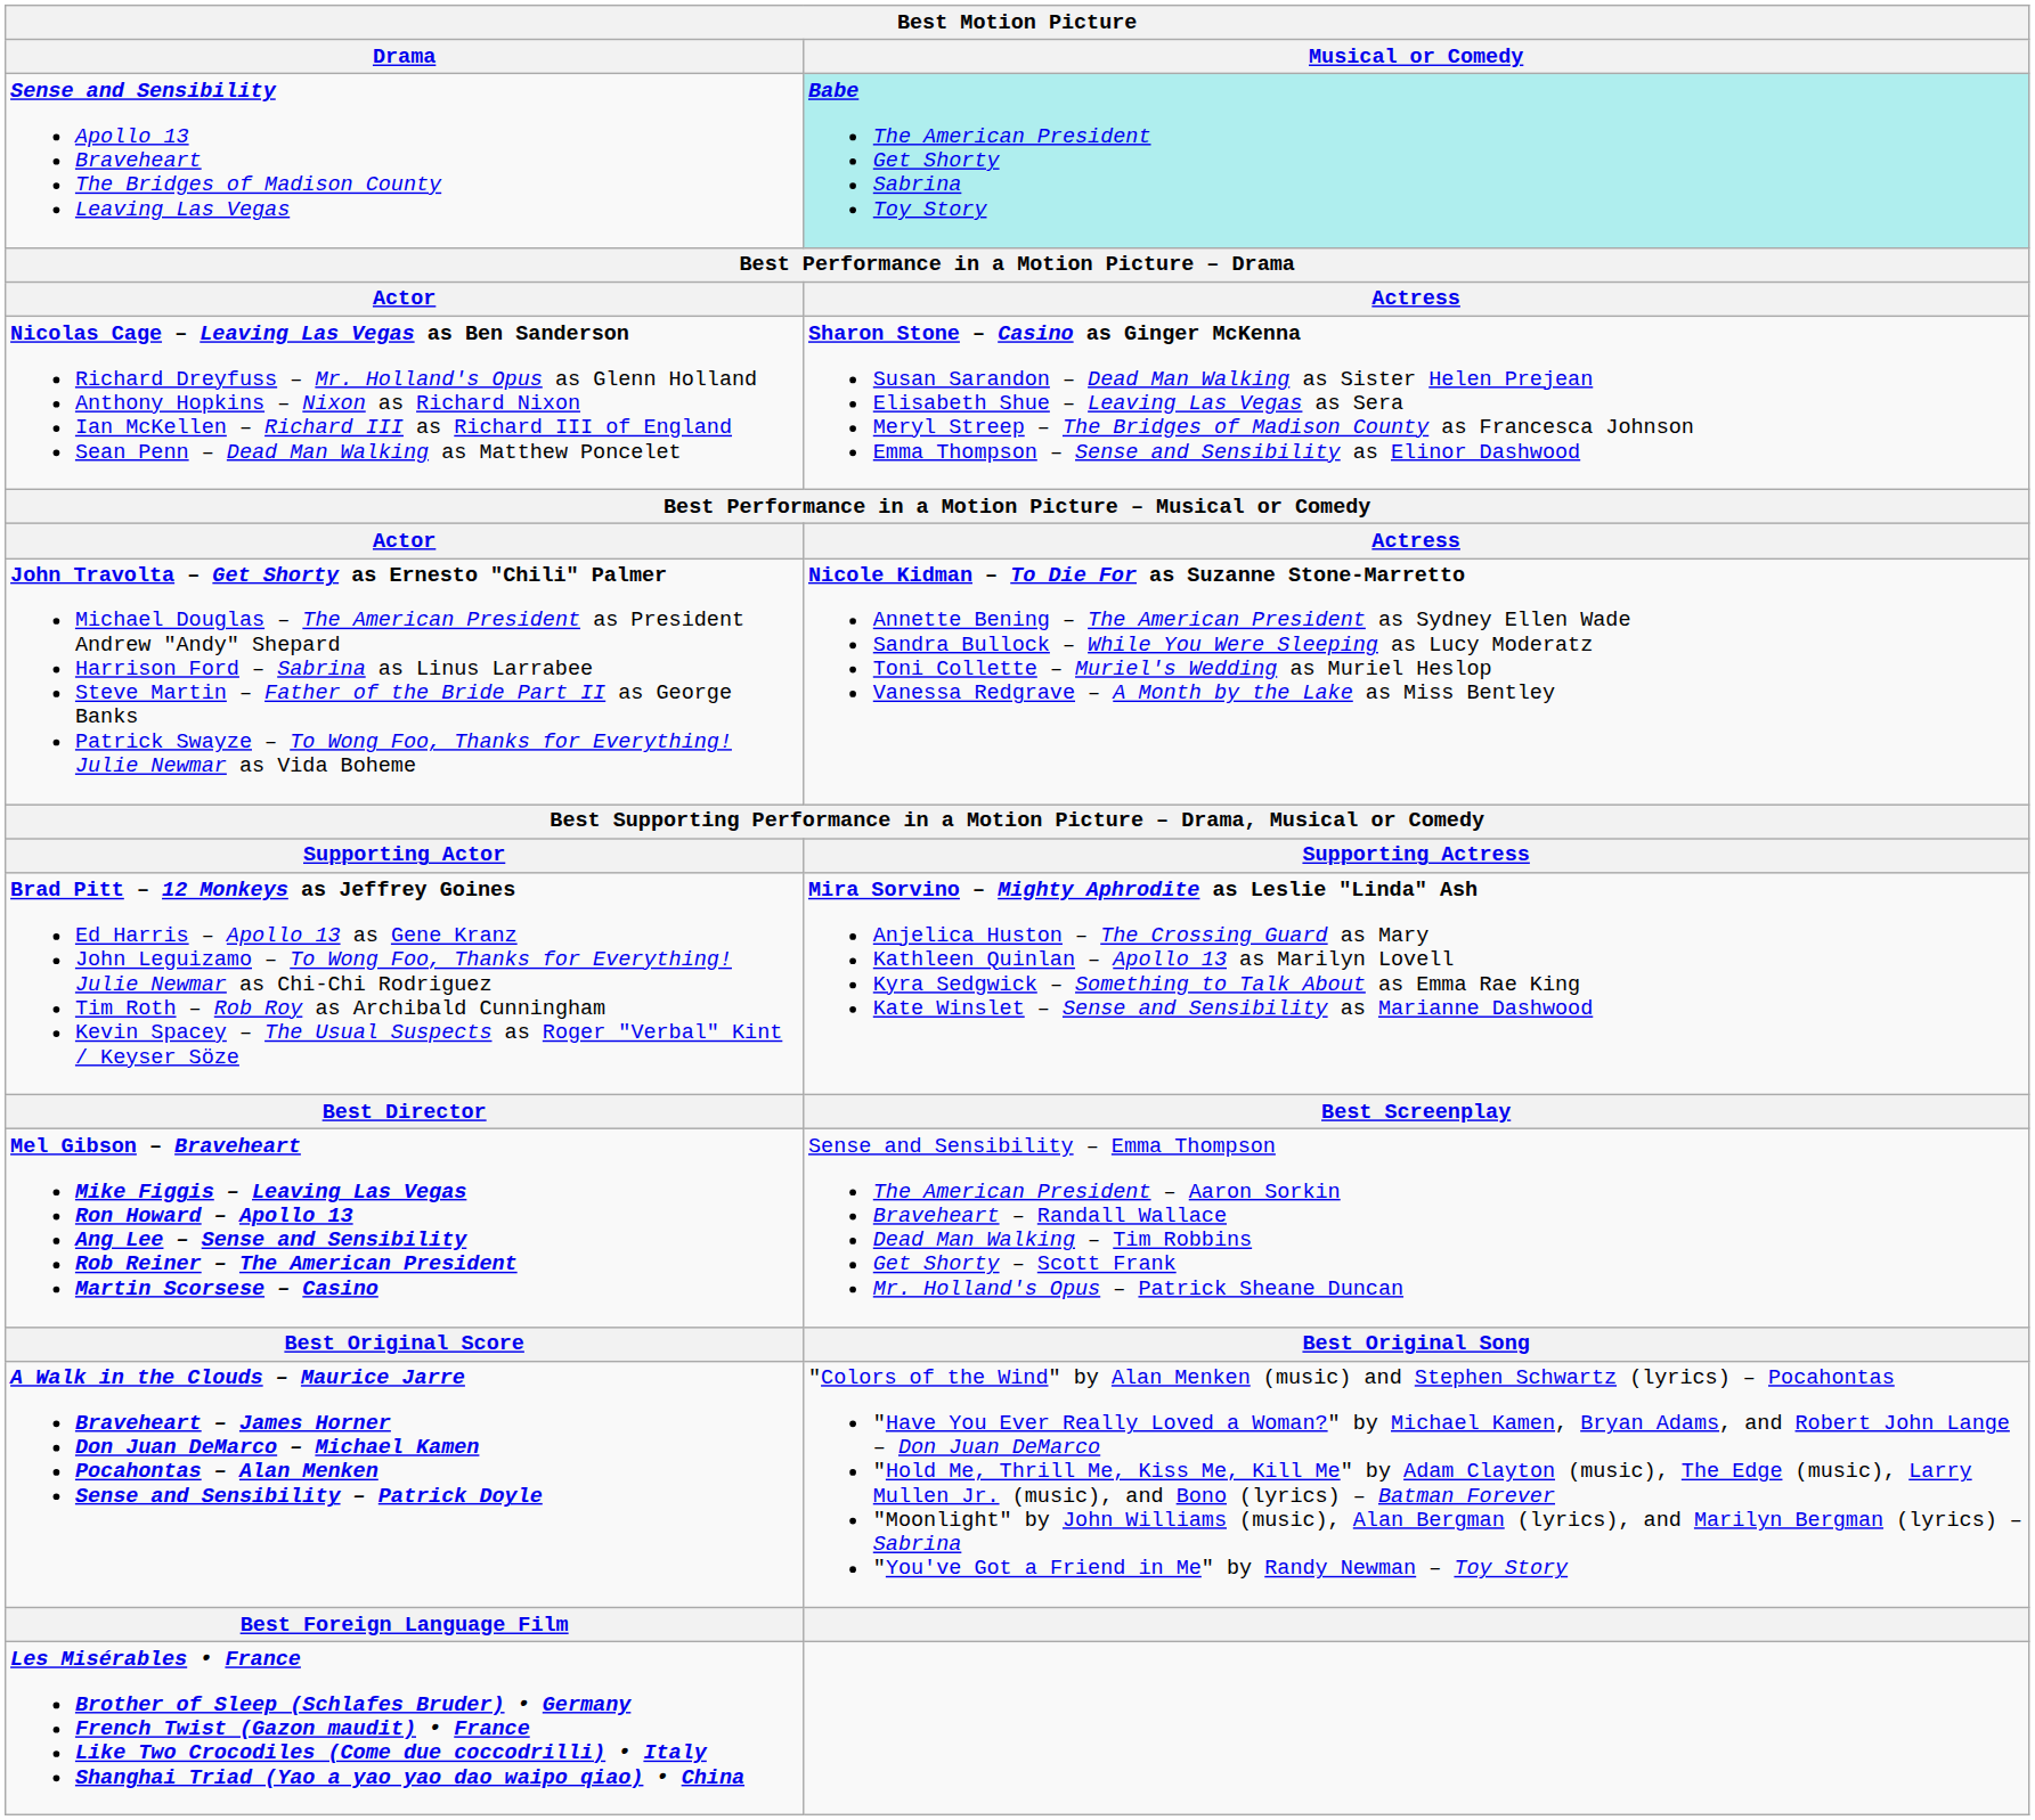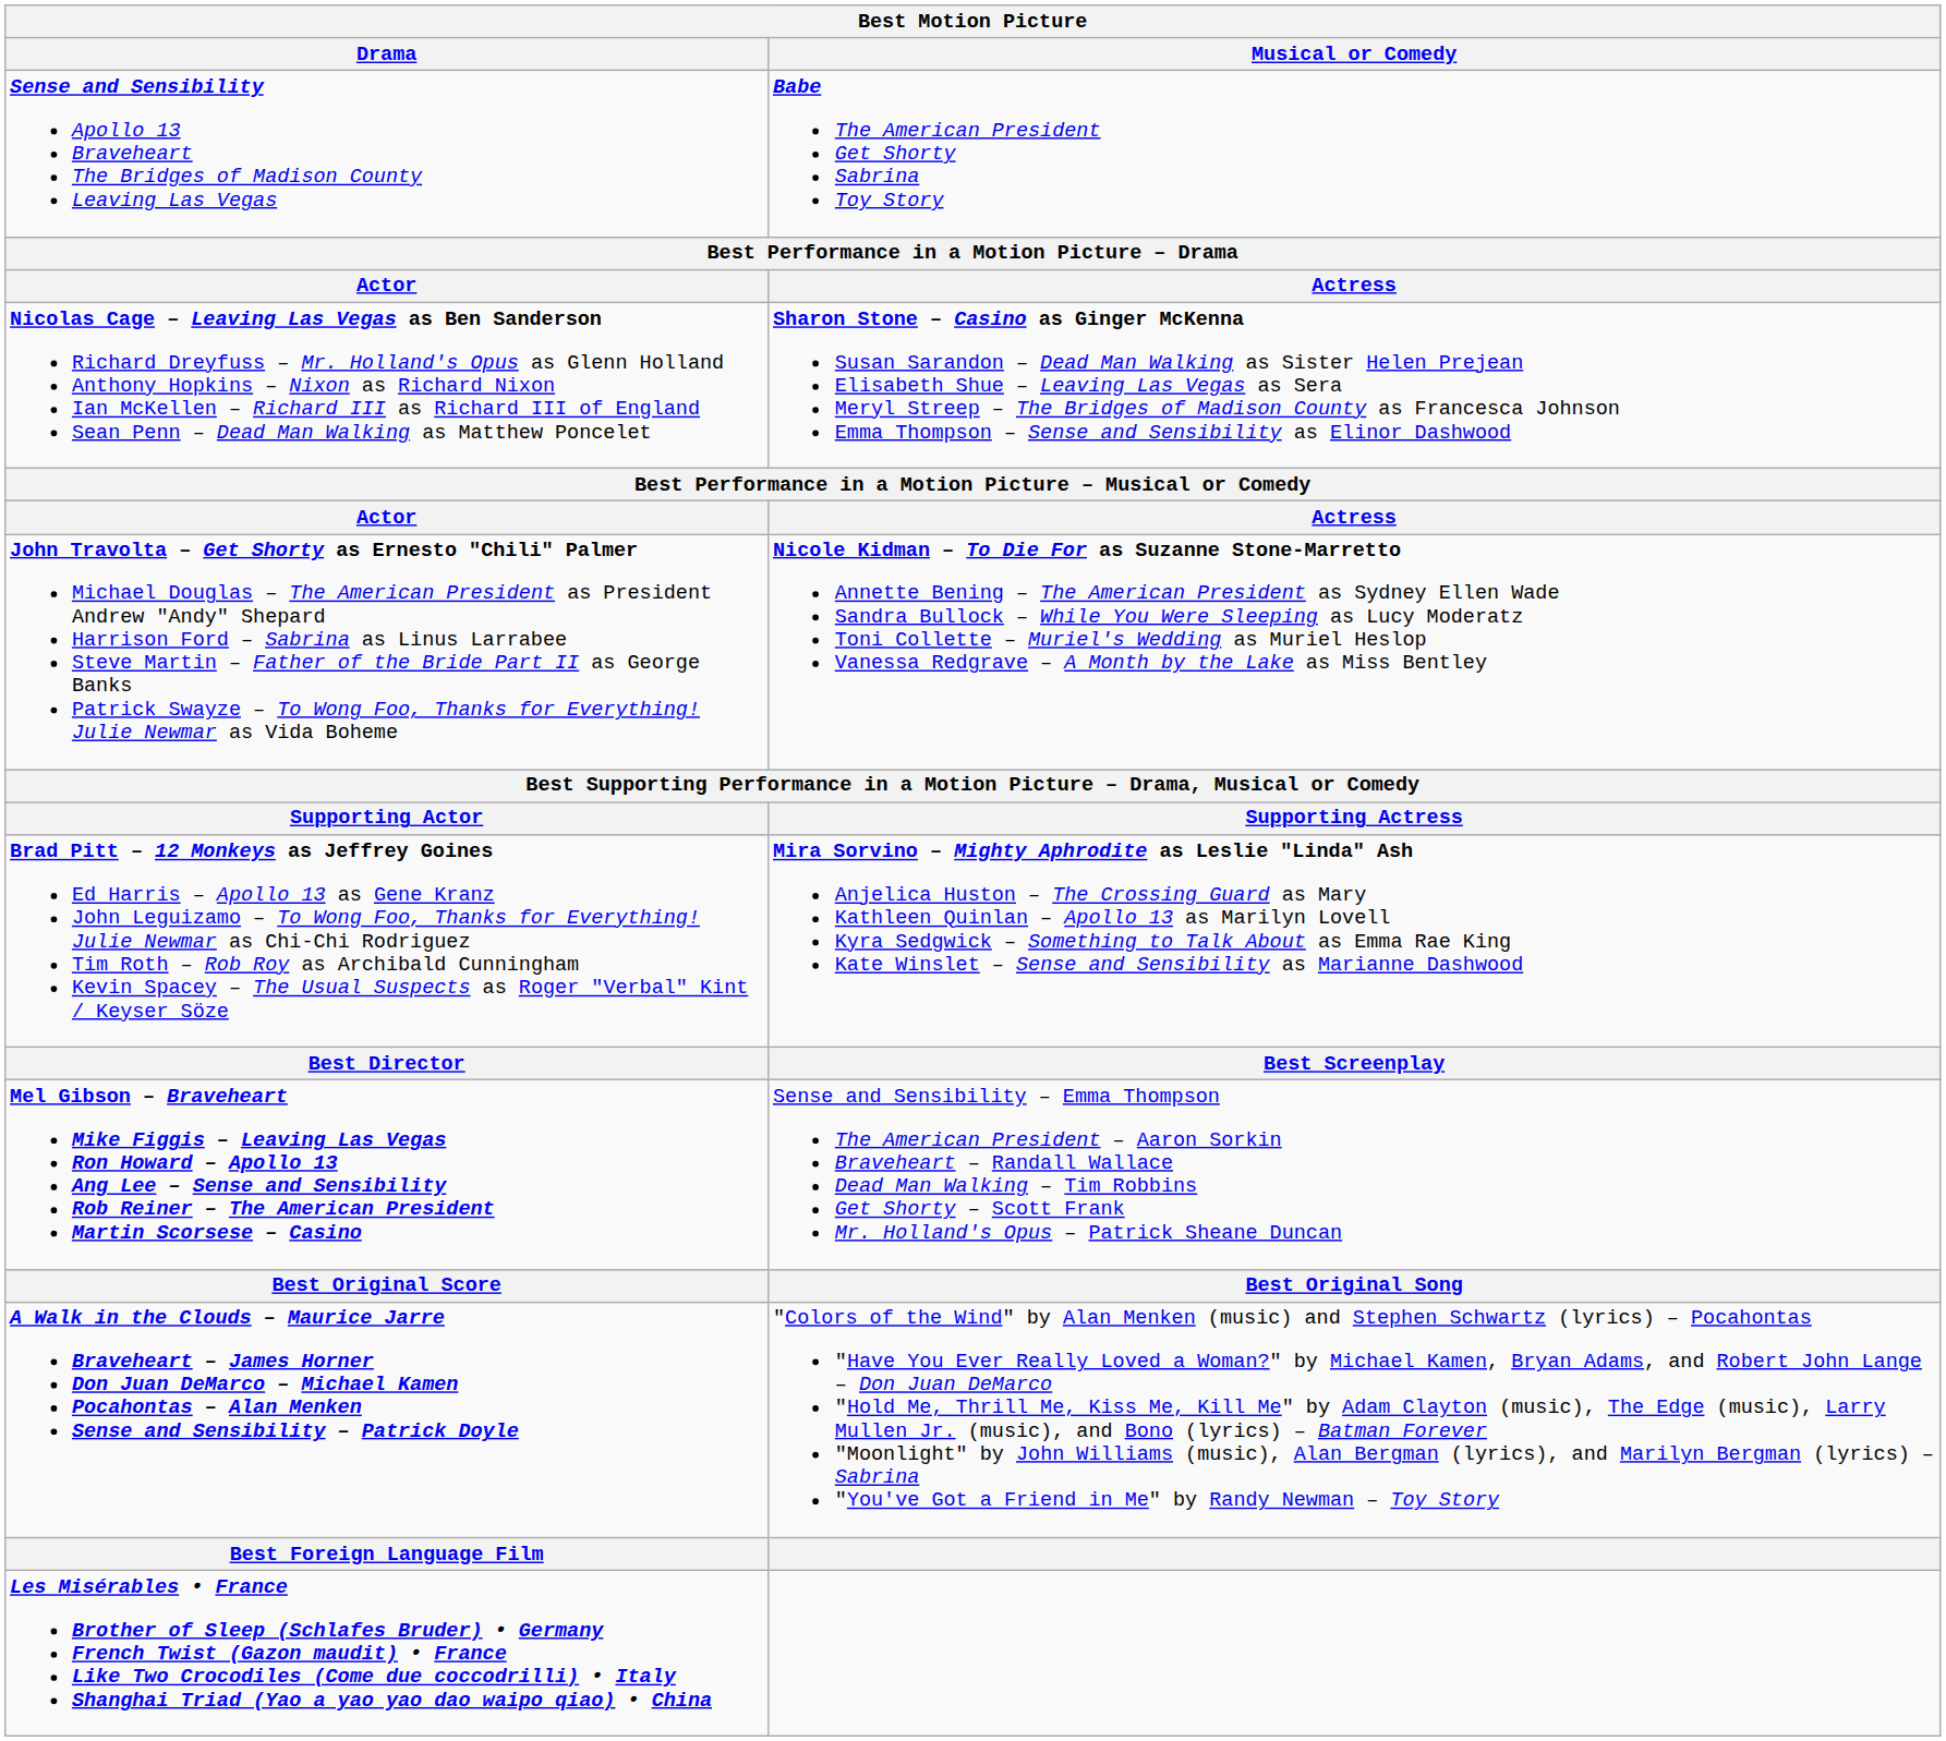 <table class="wikitable" style="width=100%">
 <tr>
 <th colspan="2">Best Motion Picture</th>
 </tr>
 <tr>
 <th style="width=50%"><a href='#'>Drama</a></th>
 <th style="width=50%"><a href='#'>Musical or Comedy</a></th>
 </tr>
 <tr>
 <td valign="top"><strong><em><a href='#'>Sense and Sensibility</a></em></strong><br><ul><li><em><a href='#'>Apollo 13</a></em></li><li><em><a href='#'>Braveheart</a></em></li><li><em><a href='#'>The Bridges of Madison County</a></em></li><li><em><a href='#'>Leaving Las Vegas</a></em></li></ul></td>
-<td valign="top" style="background: paleturquoise;"><strong><em><a href='#'>Babe</a></em></strong><br><ul><li><em><a href='#'>The American President</a></em></li><li><em><a href='#'>Get Shorty</a></em></li><li><em><a href='#'>Sabrina</a></em></li><li><em><a href='#'>Toy Story</a></em></li></ul></td>
+<td valign="top"><strong><em><a href='#'>Babe</a></em></strong><br><ul><li><em><a href='#'>The American President</a></em></li><li><em><a href='#'>Get Shorty</a></em></li><li><em><a href='#'>Sabrina</a></em></li><li><em><a href='#'>Toy Story</a></em></li></ul></td>
 </tr>
 <tr>
 <th colspan="2">Best Performance in a Motion Picture – Drama</th>
 </tr>
 <tr>
 <th><a href='#'>Actor</a></th>
 <th><a href='#'>Actress</a></th>
 </tr>
 <tr>
 <td valign="top"><strong><a href='#'>Nicolas Cage</a> – <em><a href='#'>Leaving Las Vegas</a></em> as Ben Sanderson</strong><br><ul><li><a href='#'>Richard Dreyfuss</a> – <em><a href='#'>Mr. Holland's Opus</a></em> as Glenn Holland</li><li><a href='#'>Anthony Hopkins</a> – <em><a href='#'>Nixon</a></em> as <a href='#'>Richard Nixon</a></li><li><a href='#'>Ian McKellen</a> – <em><a href='#'>Richard III</a></em> as <a href='#'>Richard III of England</a></li><li><a href='#'>Sean Penn</a> – <em><a href='#'>Dead Man Walking</a></em> as Matthew Poncelet</li></ul></td>
 <td valign="top"><strong><a href='#'>Sharon Stone</a> – <em><a href='#'>Casino</a></em> as Ginger McKenna</strong><br><ul><li><a href='#'>Susan Sarandon</a> – <em><a href='#'>Dead Man Walking</a></em> as Sister <a href='#'>Helen Prejean</a></li><li><a href='#'>Elisabeth Shue</a> – <em><a href='#'>Leaving Las Vegas</a></em> as Sera</li><li><a href='#'>Meryl Streep</a> – <em><a href='#'>The Bridges of Madison County</a></em> as Francesca Johnson</li><li><a href='#'>Emma Thompson</a> – <em><a href='#'>Sense and Sensibility</a></em> as <a href='#'>Elinor Dashwood</a></li></ul></td>
 </tr>
 <tr>
 <th colspan="2">Best Performance in a Motion Picture – Musical or Comedy</th>
 </tr>
 <tr>
 <th><a href='#'>Actor</a></th>
 <th><a href='#'>Actress</a></th>
 </tr>
 <tr>
 <td valign="top"><strong><a href='#'>John Travolta</a> – <em><a href='#'>Get Shorty</a></em> as Ernesto "Chili" Palmer</strong><br><ul><li><a href='#'>Michael Douglas</a> – <em><a href='#'>The American President</a></em> as President Andrew "Andy" Shepard</li><li><a href='#'>Harrison Ford</a> – <em><a href='#'>Sabrina</a></em> as Linus Larrabee</li><li><a href='#'>Steve Martin</a> – <em><a href='#'>Father of the Bride Part II</a></em> as George Banks</li><li><a href='#'>Patrick Swayze</a> – <em><a href='#'>To Wong Foo, Thanks for Everything! Julie Newmar</a></em> as Vida Boheme</li></ul></td>
 <td valign="top"><strong><a href='#'>Nicole Kidman</a> – <em><a href='#'>To Die For</a></em> as Suzanne Stone-Marretto</strong><br><ul><li><a href='#'>Annette Bening</a> – <em><a href='#'>The American President</a></em> as Sydney Ellen Wade</li><li><a href='#'>Sandra Bullock</a> – <em><a href='#'>While You Were Sleeping</a></em> as Lucy Moderatz</li><li><a href='#'>Toni Collette</a> – <em><a href='#'>Muriel's Wedding</a></em> as Muriel Heslop</li><li><a href='#'>Vanessa Redgrave</a> – <em><a href='#'>A Month by the Lake</a></em> as Miss Bentley</li></ul></td>
 </tr>
 <tr>
 <th colspan="2">Best Supporting Performance in a Motion Picture – Drama, Musical or Comedy</th>
 </tr>
 <tr>
 <th><a href='#'>Supporting Actor</a></th>
 <th><a href='#'>Supporting Actress</a></th>
 </tr>
 <tr>
 <td valign="top"><strong><a href='#'>Brad Pitt</a> – <em><a href='#'>12 Monkeys</a></em> as Jeffrey Goines</strong><br><ul><li><a href='#'>Ed Harris</a> – <em><a href='#'>Apollo 13</a></em> as <a href='#'>Gene Kranz</a></li><li><a href='#'>John Leguizamo</a> – <em><a href='#'>To Wong Foo, Thanks for Everything! Julie Newmar</a></em> as Chi-Chi Rodriguez</li><li><a href='#'>Tim Roth</a> – <em><a href='#'>Rob Roy</a></em> as Archibald Cunningham</li><li><a href='#'>Kevin Spacey</a> – <em><a href='#'>The Usual Suspects</a></em> as <a href='#'>Roger "Verbal" Kint / Keyser Söze</a></li></ul></td>
 <td valign="top"><strong><a href='#'>Mira Sorvino</a> – <em><a href='#'>Mighty Aphrodite</a></em> as Leslie "Linda" Ash</strong><br><ul><li><a href='#'>Anjelica Huston</a> – <em><a href='#'>The Crossing Guard</a></em> as Mary</li><li><a href='#'>Kathleen Quinlan</a> – <em><a href='#'>Apollo 13</a></em> as Marilyn Lovell</li><li><a href='#'>Kyra Sedgwick</a> – <em><a href='#'>Something to Talk About</a></em> as Emma Rae King</li><li><a href='#'>Kate Winslet</a> – <em><a href='#'>Sense and Sensibility</a></em> as <a href='#'>Marianne Dashwood</a></li></ul></td>
 </tr>
 <tr>
 <th><a href='#'>Best Director</a></th>
 <th><a href='#'>Best Screenplay</a></th>
 </tr>
 <tr>
 <td valign="top"><strong><a href='#'>Mel Gibson</a> – <em><a href='#'>Braveheart</a><strong><em><br><ul><li><a href='#'>Mike Figgis</a> – </em><a href='#'>Leaving Las Vegas</a><em></li><li><a href='#'>Ron Howard</a> – </em><a href='#'>Apollo 13</a><em></li><li><a href='#'>Ang Lee</a> – </em><a href='#'>Sense and Sensibility</a><em></li><li><a href='#'>Rob Reiner</a> – </em><a href='#'>The American President</a><em></li><li><a href='#'>Martin Scorsese</a> – </em><a href='#'>Casino</a><em></li></ul></td>
 <td valign="top"></em></strong><a href='#'>Sense and Sensibility</a></em> – <a href='#'>Emma Thompson</a></strong><br><ul><li><em><a href='#'>The American President</a></em> – <a href='#'>Aaron Sorkin</a></li><li><em><a href='#'>Braveheart</a></em> – <a href='#'>Randall Wallace</a></li><li><em><a href='#'>Dead Man Walking</a></em> – <a href='#'>Tim Robbins</a></li><li><em><a href='#'>Get Shorty</a></em> – <a href='#'>Scott Frank</a></li><li><em><a href='#'>Mr. Holland's Opus</a></em> – <a href='#'>Patrick Sheane Duncan</a></li></ul></td>
 </tr>
 <tr>
 <th><a href='#'>Best Original Score</a></th>
 <th><a href='#'>Best Original Song</a></th>
 </tr>
 <tr>
 <td valign="top"><strong><em><a href='#'>A Walk in the Clouds</a><em> – <a href='#'>Maurice Jarre</a><strong><br><ul><li></em><a href='#'>Braveheart</a><em> – <a href='#'>James Horner</a></li><li></em><a href='#'>Don Juan DeMarco</a><em> – <a href='#'>Michael Kamen</a></li><li></em><a href='#'>Pocahontas</a><em> – <a href='#'>Alan Menken</a></li><li></em><a href='#'>Sense and Sensibility</a><em> – <a href='#'>Patrick Doyle</a></li></ul></td>
 <td valign="top"></strong> "<a href='#'>Colors of the Wind</a>" by <a href='#'>Alan Menken</a> (music) and <a href='#'>Stephen Schwartz</a> (lyrics) – </em><a href='#'>Pocahontas</a></em></strong><br><ul><li>"<a href='#'>Have You Ever Really Loved a Woman?</a>" by <a href='#'>Michael Kamen</a>, <a href='#'>Bryan Adams</a>, and <a href='#'>Robert John Lange</a> – <em><a href='#'>Don Juan DeMarco</a></em></li><li>"<a href='#'>Hold Me, Thrill Me, Kiss Me, Kill Me</a>" by <a href='#'>Adam Clayton</a> (music), <a href='#'>The Edge</a> (music), <a href='#'>Larry Mullen Jr.</a> (music), and <a href='#'>Bono</a> (lyrics) – <em><a href='#'>Batman Forever</a></em></li><li>"Moonlight" by <a href='#'>John Williams</a> (music), <a href='#'>Alan Bergman</a> (lyrics), and <a href='#'>Marilyn Bergman</a> (lyrics) – <em><a href='#'>Sabrina</a></em></li><li>"<a href='#'>You've Got a Friend in Me</a>" by <a href='#'>Randy Newman</a> – <em><a href='#'>Toy Story</a></em></li></ul></td>
 </tr>
 <tr>
 <th><a href='#'>Best Foreign Language Film</a></th>
 <th></th>
 </tr>
 <tr>
 <td valign="top"><strong><em><a href='#'>Les Misérables</a><em> • <a href='#'>France</a><strong><br><ul><li></em><a href='#'>Brother of Sleep (Schlafes Bruder)</a><em> • <a href='#'>Germany</a></li><li></em><a href='#'>French Twist (Gazon maudit)</a><em> • <a href='#'>France</a></li><li></em><a href='#'>Like Two Crocodiles (Come due coccodrilli)</a><em> • <a href='#'>Italy</a></li><li></em><a href='#'>Shanghai Triad (Yao a yao yao dao waipo qiao)</a><em> • <a href='#'>China</a></li></ul></td>
 <td></td>
 </tr>
 </table>
